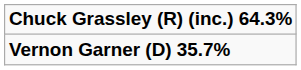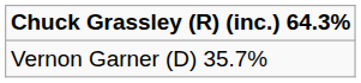 <table class="wikitable">
 <tr>
 <td><strong>Chuck Grassley (R) (inc.) 64.3%</strong></td>
 </tr>
 <tr>
-<td><strong>Vernon Garner (D) 35.7%</strong></td>
+<td>Vernon Garner (D) 35.7%</td>
 </tr>
 </table>
